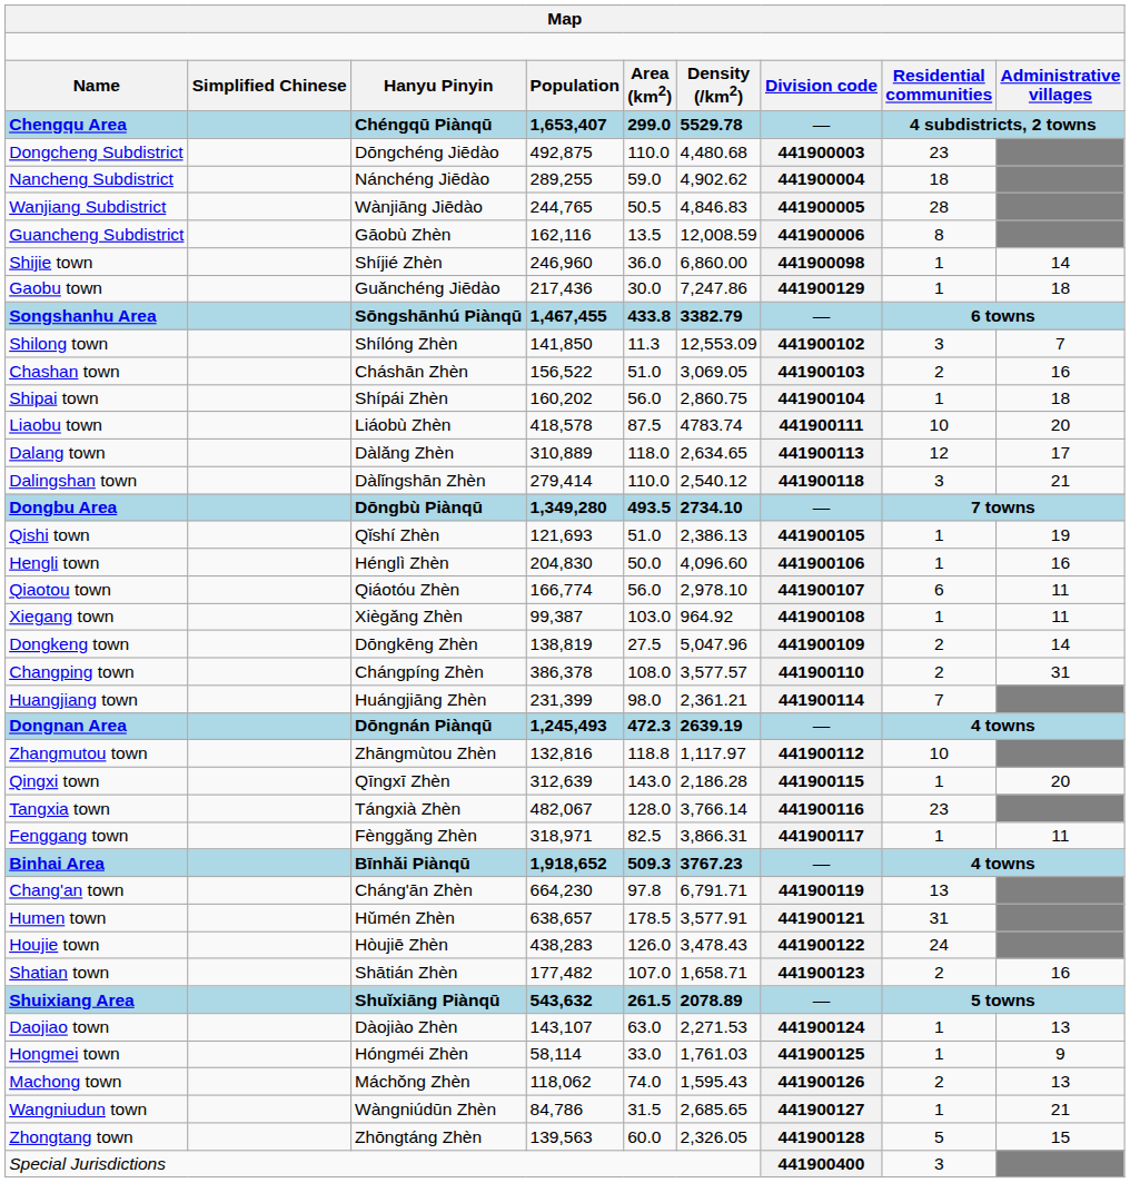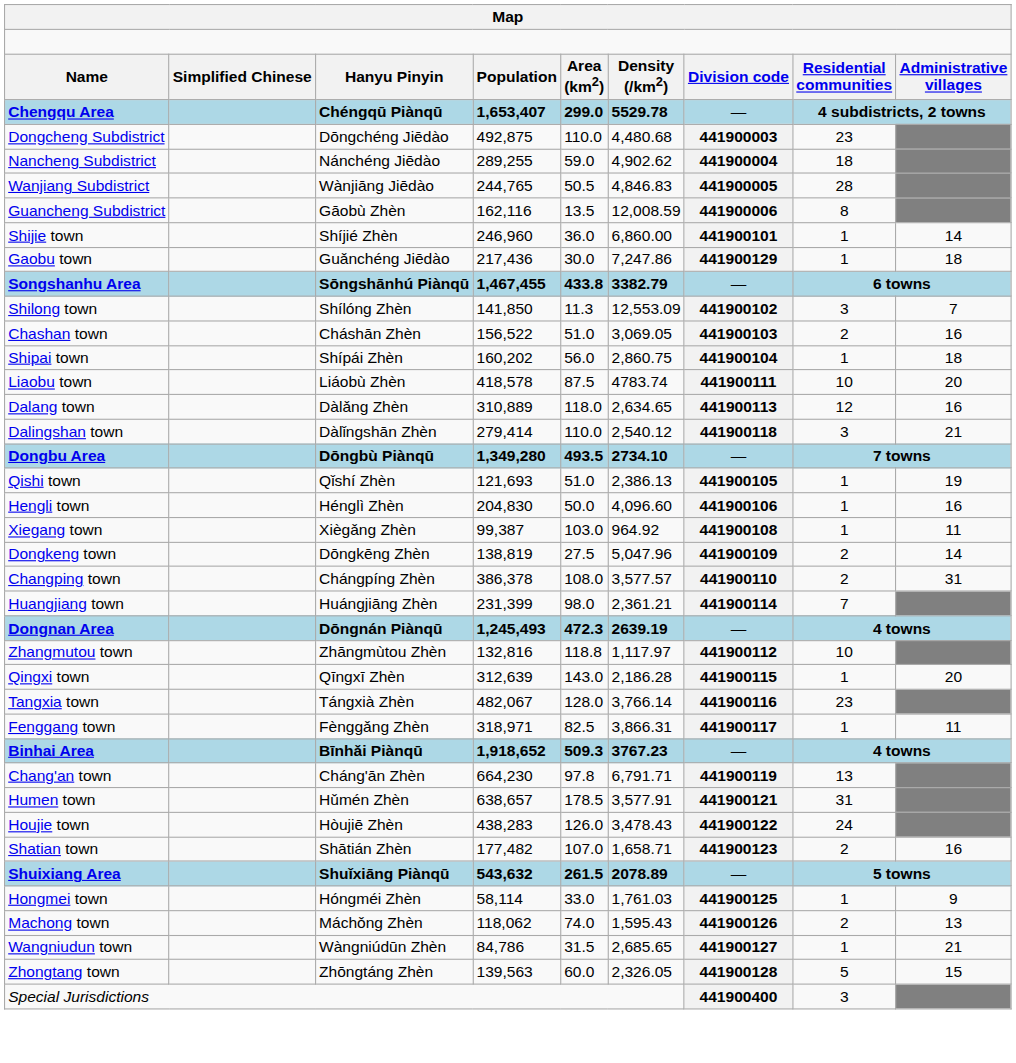 <table class="wikitable sortable" style="font-size:90%;">
 <tr>
 <th colspan="9">Map</th>
 </tr>
 <tr>
 <td colspan="9"><div><br>                                       </div></td>
 </tr>
 <tr>
 <th>Name</th>
 <th>Simplified Chinese</th>
 <th>Hanyu Pinyin</th>
 <th>Population<br></th>
 <th>Area<br>(km<sup>2</sup>)</th>
 <th>Density<br>(/km<sup>2</sup>)</th>
 <th scope="col"><a href='#'>Division code</a></th>
 <th scope="col" width="45"><a href='#'>Residential communities</a></th>
 <th scope="col" width="45"><a href='#'>Administrative villages</a></th>
 </tr>
 <tr bgcolor="lightblue">
 <td><strong><a href='#'>Chengqu Area</a></strong></td>
 <td></td>
 <td><strong>Chéngqū Piànqū</strong></td>
 <td><strong>1,653,407</strong></td>
 <td><strong>299.0</strong></td>
 <td><strong>5529.78</strong></td>
 <td align="center">—</td>
 <td colspan="2" align="center"><strong>4 subdistricts, 2 towns</strong></td>
 </tr>
 <tr>
 <td><a href='#'>Dongcheng Subdistrict</a></td>
 <td></td>
 <td>Dōngchéng Jiēdào</td>
 <td>492,875</td>
 <td>110.0</td>
 <td>4,480.68</td>
 <th>441900003</th>
 <td align="center">23</td>
 <td align="center" bgcolor="grey"></td>
 </tr>
 <tr>
 <td><a href='#'>Nancheng Subdistrict</a></td>
 <td></td>
 <td>Nánchéng Jiēdào</td>
 <td>289,255</td>
 <td>59.0</td>
 <td>4,902.62</td>
 <th>441900004</th>
 <td align="center">18</td>
 <td align="center" bgcolor="grey"></td>
 </tr>
 <tr>
 <td><a href='#'>Wanjiang Subdistrict</a></td>
 <td></td>
 <td>Wànjiāng Jiēdào</td>
 <td>244,765</td>
 <td>50.5</td>
 <td>4,846.83</td>
 <th>441900005</th>
 <td align="center">28</td>
 <td align="center" bgcolor="grey"></td>
 </tr>
 <tr>
 <td><a href='#'>Guancheng Subdistrict</a></td>
 <td></td>
 <td>Gāobù Zhèn</td>
 <td>162,116</td>
 <td>13.5</td>
 <td>12,008.59</td>
 <th>441900006</th>
 <td align="center">8</td>
 <td align="center" bgcolor="grey"></td>
 </tr>
 <tr>
 <td><a href='#'>Shijie</a> town</td>
 <td></td>
 <td>Shíjié Zhèn</td>
 <td>246,960</td>
 <td>36.0</td>
 <td>6,860.00</td>
-<th>441900098</th>
+<th>441900101</th>
 <td align="center">1</td>
 <td align="center">14</td>
 </tr>
 <tr>
 <td><a href='#'>Gaobu</a> town</td>
 <td></td>
 <td>Guǎnchéng Jiēdào</td>
 <td>217,436</td>
 <td>30.0</td>
 <td>7,247.86</td>
 <th>441900129</th>
 <td align="center">1</td>
 <td align="center">18</td>
 </tr>
 <tr bgcolor="lightblue">
 <td><strong><a href='#'>Songshanhu Area</a></strong></td>
 <td></td>
 <td><strong>Sōngshānhú Piànqū</strong></td>
 <td><strong>1,467,455</strong></td>
 <td><strong>433.8</strong></td>
 <td><strong>3382.79</strong></td>
 <td align="center">—</td>
 <td colspan="2" align="center"><strong>6 towns</strong></td>
 </tr>
 <tr>
 <td><a href='#'>Shilong</a> town</td>
 <td></td>
 <td>Shílóng Zhèn</td>
 <td>141,850</td>
 <td>11.3</td>
 <td>12,553.09</td>
 <th>441900102</th>
 <td align="center">3</td>
 <td align="center">7</td>
 </tr>
 <tr>
 <td><a href='#'>Chashan</a> town</td>
 <td></td>
 <td>Cháshān Zhèn</td>
 <td>156,522</td>
 <td>51.0</td>
 <td>3,069.05</td>
 <th>441900103</th>
 <td align="center">2</td>
 <td align="center">16</td>
 </tr>
 <tr>
 <td><a href='#'>Shipai</a> town</td>
 <td></td>
 <td>Shípái Zhèn</td>
 <td>160,202</td>
 <td>56.0</td>
 <td>2,860.75</td>
 <th>441900104</th>
 <td align="center">1</td>
 <td align="center">18</td>
 </tr>
 <tr>
 <td><a href='#'>Liaobu</a> town</td>
 <td></td>
 <td>Liáobù Zhèn</td>
 <td>418,578</td>
 <td>87.5</td>
 <td>4783.74</td>
 <th>441900111</th>
 <td align="center">10</td>
 <td align="center">20</td>
 </tr>
 <tr>
 <td><a href='#'>Dalang</a> town</td>
 <td></td>
 <td>Dàlǎng Zhèn</td>
 <td>310,889</td>
 <td>118.0</td>
 <td>2,634.65</td>
 <th>441900113</th>
 <td align="center">12</td>
-<td align="center">17</td>
+<td align="center">16</td>
 </tr>
 <tr>
 <td><a href='#'>Dalingshan</a> town</td>
 <td></td>
 <td>Dàlǐngshān Zhèn</td>
 <td>279,414</td>
 <td>110.0</td>
 <td>2,540.12</td>
 <th>441900118</th>
 <td align="center">3</td>
 <td align="center">21</td>
 </tr>
 <tr bgcolor="lightblue">
 <td><strong><a href='#'>Dongbu Area</a></strong></td>
 <td></td>
 <td><strong>Dōngbù Piànqū</strong></td>
 <td><strong>1,349,280</strong></td>
 <td><strong>493.5</strong></td>
 <td><strong>2734.10</strong></td>
 <td align="center">—</td>
 <td colspan="2" align="center"><strong>7 towns</strong></td>
 </tr>
 <tr>
 <td><a href='#'>Qishi</a> town</td>
 <td></td>
 <td>Qǐshí Zhèn</td>
 <td>121,693</td>
 <td>51.0</td>
 <td>2,386.13</td>
 <th>441900105</th>
 <td align="center">1</td>
 <td align="center">19</td>
 </tr>
 <tr>
 <td><a href='#'>Hengli</a> town</td>
 <td></td>
 <td>Hénglì Zhèn</td>
 <td>204,830</td>
 <td>50.0</td>
 <td>4,096.60</td>
 <th>441900106</th>
 <td align="center">1</td>
 <td align="center">16</td>
-</tr>
-<tr>
-<td><a href='#'>Qiaotou</a> town</td>
-<td></td>
-<td>Qiáotóu Zhèn</td>
-<td>166,774</td>
-<td>56.0</td>
-<td>2,978.10</td>
-<th>441900107</th>
-<td align="center">6</td>
-<td align="center">11</td>
 </tr>
 <tr>
 <td><a href='#'>Xiegang</a> town</td>
 <td></td>
 <td>Xiègǎng Zhèn</td>
 <td>99,387</td>
 <td>103.0</td>
 <td>964.92</td>
 <th>441900108</th>
 <td align="center">1</td>
 <td align="center">11</td>
 </tr>
 <tr>
 <td><a href='#'>Dongkeng</a> town</td>
 <td></td>
 <td>Dōngkēng Zhèn</td>
 <td>138,819</td>
 <td>27.5</td>
 <td>5,047.96</td>
 <th>441900109</th>
 <td align="center">2</td>
 <td align="center">14</td>
 </tr>
 <tr>
 <td><a href='#'>Changping</a> town</td>
 <td></td>
 <td>Chángpíng Zhèn</td>
 <td>386,378</td>
 <td>108.0</td>
 <td>3,577.57</td>
 <th>441900110</th>
 <td align="center">2</td>
 <td align="center">31</td>
 </tr>
 <tr>
 <td><a href='#'>Huangjiang</a> town</td>
 <td></td>
 <td>Huángjiāng Zhèn</td>
 <td>231,399</td>
 <td>98.0</td>
 <td>2,361.21</td>
 <th>441900114</th>
 <td align="center">7</td>
 <td align="center" bgcolor="grey"></td>
 </tr>
 <tr bgcolor="lightblue">
 <td><strong><a href='#'>Dongnan Area</a></strong></td>
 <td></td>
 <td><strong> Dōngnán Piànqū</strong></td>
 <td><strong>1,245,493</strong></td>
 <td><strong>472.3</strong></td>
 <td><strong>2639.19</strong></td>
 <td align="center">—</td>
 <td colspan="2" align="center"><strong>4 towns</strong></td>
 </tr>
 <tr>
 <td><a href='#'>Zhangmutou</a> town</td>
 <td></td>
 <td>Zhāngmùtou Zhèn</td>
 <td>132,816</td>
 <td>118.8</td>
 <td>1,117.97</td>
 <th>441900112</th>
 <td align="center">10</td>
 <td align="center" bgcolor="grey"></td>
 </tr>
 <tr>
 <td><a href='#'>Qingxi</a> town</td>
 <td></td>
 <td>Qīngxī Zhèn</td>
 <td>312,639</td>
 <td>143.0</td>
 <td>2,186.28</td>
 <th>441900115</th>
 <td align="center">1</td>
 <td align="center">20</td>
 </tr>
 <tr>
 <td><a href='#'>Tangxia</a> town</td>
 <td></td>
 <td>Tángxià Zhèn</td>
 <td>482,067</td>
 <td>128.0</td>
 <td>3,766.14</td>
 <th>441900116</th>
 <td align="center">23</td>
 <td align="center" bgcolor="grey"></td>
 </tr>
 <tr>
 <td><a href='#'>Fenggang</a> town</td>
 <td></td>
 <td>Fènggǎng Zhèn</td>
 <td>318,971</td>
 <td>82.5</td>
 <td>3,866.31</td>
 <th>441900117</th>
 <td align="center">1</td>
 <td align="center">11</td>
 </tr>
 <tr bgcolor="lightblue">
 <td><strong><a href='#'>Binhai Area</a></strong></td>
 <td></td>
 <td><strong>Bīnhǎi Piànqū</strong></td>
 <td><strong>1,918,652</strong></td>
 <td><strong>509.3</strong></td>
 <td><strong>3767.23</strong></td>
 <td align="center">—</td>
 <td colspan="2" align="center"><strong>4 towns</strong></td>
 </tr>
 <tr>
 <td><a href='#'>Chang'an</a> town</td>
 <td></td>
 <td>Cháng'ān Zhèn</td>
 <td>664,230</td>
 <td>97.8</td>
 <td>6,791.71</td>
 <th>441900119</th>
 <td align="center">13</td>
 <td align="center" bgcolor="grey"></td>
 </tr>
 <tr>
 <td><a href='#'>Humen</a> town</td>
 <td></td>
 <td>Hǔmén Zhèn</td>
 <td>638,657</td>
 <td>178.5</td>
 <td>3,577.91</td>
 <th>441900121</th>
 <td align="center">31</td>
 <td align="center" bgcolor="grey"></td>
 </tr>
 <tr>
 <td><a href='#'>Houjie</a> town</td>
 <td></td>
 <td>Hòujiē Zhèn</td>
 <td>438,283</td>
 <td>126.0</td>
 <td>3,478.43</td>
 <th>441900122</th>
 <td align="center">24</td>
 <td align="center" bgcolor="grey"></td>
 </tr>
 <tr>
 <td><a href='#'>Shatian</a> town</td>
 <td></td>
 <td>Shātián Zhèn</td>
 <td>177,482</td>
 <td>107.0</td>
 <td>1,658.71</td>
 <th>441900123</th>
 <td align="center">2</td>
 <td align="center">16</td>
 </tr>
 <tr bgcolor="lightblue">
 <td><strong><a href='#'>Shuixiang Area</a></strong></td>
 <td></td>
 <td><strong>Shuǐxiāng Piànqū</strong></td>
 <td><strong>543,632</strong></td>
 <td><strong>261.5</strong></td>
 <td><strong>2078.89</strong></td>
 <td align="center">—</td>
 <td colspan="2" align="center"><strong>5 towns</strong></td>
 </tr>
 <tr>
-<td><a href='#'>Daojiao</a> town</td>
-<td></td>
-<td>Dàojiào Zhèn</td>
-<td>143,107</td>
-<td>63.0</td>
-<td>2,271.53</td>
-<th>441900124</th>
-<td align="center">1</td>
-<td align="center">13</td>
-</tr>
-<tr>
 <td><a href='#'>Hongmei</a> town</td>
 <td></td>
 <td>Hóngméi Zhèn</td>
 <td>58,114</td>
 <td>33.0</td>
 <td>1,761.03</td>
 <th>441900125</th>
 <td align="center">1</td>
 <td align="center">9</td>
 </tr>
 <tr>
 <td><a href='#'>Machong</a> town</td>
 <td></td>
 <td>Máchǒng Zhèn</td>
 <td>118,062</td>
 <td>74.0</td>
 <td>1,595.43</td>
 <th>441900126</th>
 <td align="center">2</td>
 <td align="center">13</td>
 </tr>
 <tr>
 <td><a href='#'>Wangniudun</a> town</td>
 <td></td>
 <td>Wàngniúdūn Zhèn</td>
 <td>84,786</td>
 <td>31.5</td>
 <td>2,685.65</td>
 <th>441900127</th>
 <td align="center">1</td>
 <td align="center">21</td>
 </tr>
 <tr>
 <td><a href='#'>Zhongtang</a> town</td>
 <td></td>
 <td>Zhōngtáng Zhèn</td>
 <td>139,563</td>
 <td>60.0</td>
 <td>2,326.05</td>
 <th>441900128</th>
 <td align="center">5</td>
 <td align="center">15</td>
 </tr>
 <tr>
 <td colspan="6"><em>Special Jurisdictions</em></td>
 <th>441900400</th>
 <td align="center">3</td>
 <td align="center" bgcolor="grey"></td>
 </tr>
 </table>
